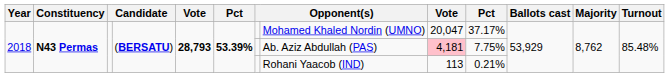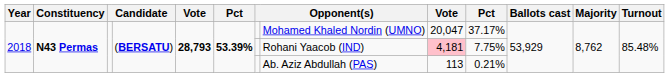 <table class="wikitable" style="margin:0.5em ; font-size:95%">
 <tr>
 <th>Year</th>
 <th>Constituency</th>
 <th colspan="2">Candidate</th>
 <th>Vote</th>
 <th>Pct</th>
 <th colspan="2">Opponent(s)</th>
 <th>Vote</th>
 <th>Pct</th>
 <th>Ballots cast</th>
 <th>Majority</th>
 <th>Turnout</th>
 </tr>
 <tr>
 <td rowspan="3"><a href='#'>2018</a></td>
 <td rowspan="3"><strong>N43 <a href='#'>Permas</a></strong></td>
 <td rowspan="3" ></td>
 <td rowspan="3"><strong></strong> (<a href='#'><strong>BERSATU</strong></a>)</td>
 <td rowspan="3" align="right"><strong>28,793</strong></td>
 <td rowspan="3"><strong>53.39%</strong></td>
 <td></td>
 <td><a href='#'>Mohamed Khaled Nordin</a> (<a href='#'>UMNO</a>)</td>
 <td align="right">20,047</td>
 <td>37.17%</td>
 <td rowspan="3">53,929</td>
 <td rowspan="3">8,762</td>
 <td rowspan="3">85.48%</td>
 </tr>
 <tr>
 <td></td>
-<td>Ab. Aziz Abdullah (<a href='#'>PAS</a>)</td>
+<td>Rohani Yaacob (<a href='#'>IND</a>)</td>
 <td align="right" style="background: pink;">4,181</td>
 <td align="right">7.75%</td>
 </tr>
 <tr>
 <td></td>
-<td>Rohani Yaacob (<a href='#'>IND</a>)</td>
+<td>Ab. Aziz Abdullah (<a href='#'>PAS</a>)</td>
 <td align="right">113</td>
 <td align="right">0.21%</td>
 </tr>
 </table>
